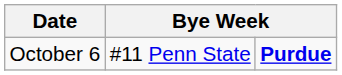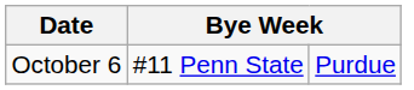 <table class="wikitable" style="font-size:95%;">
 <tr>
 <th>Date</th>
 <th colspan="2">Bye Week</th>
 </tr>
 <tr>
 <td>October 6</td>
 <td>#11 <a href='#'>Penn State</a></td>
-<td><strong><a href='#'>Purdue</a></strong></td>
+<td><a href='#'>Purdue</a></td>
 </tr>
 </table>
